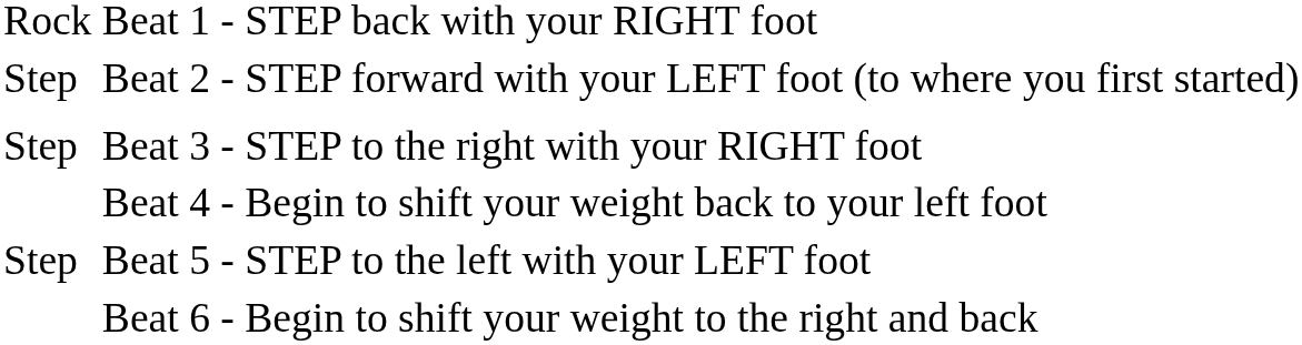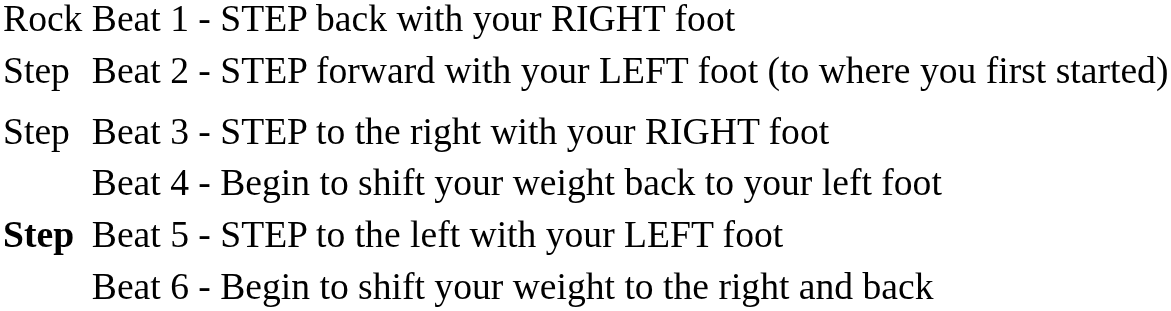 <table>
 <tr>
 <td>Rock</td>
 <td>Beat 1 - STEP back with your RIGHT foot</td>
 </tr>
 <tr>
 <td>Step</td>
 <td>Beat 2 - STEP forward with your LEFT foot (to where you first started)</td>
 </tr>
 <tr>
 <td></td>
 <td></td>
 </tr>
 <tr>
 <td>Step</td>
 <td>Beat 3 - STEP to the right with your RIGHT foot</td>
 </tr>
 <tr>
 <td></td>
 <td>Beat 4 - Begin to shift your weight back to your left foot</td>
 </tr>
 <tr>
-<td>Step</td>
+<td><strong>Step</strong></td>
 <td>Beat 5 - STEP to the left with your LEFT foot</td>
 </tr>
 <tr>
 <td></td>
 <td>Beat 6 - Begin to shift your weight to the right and back</td>
 </tr>
 </table>
